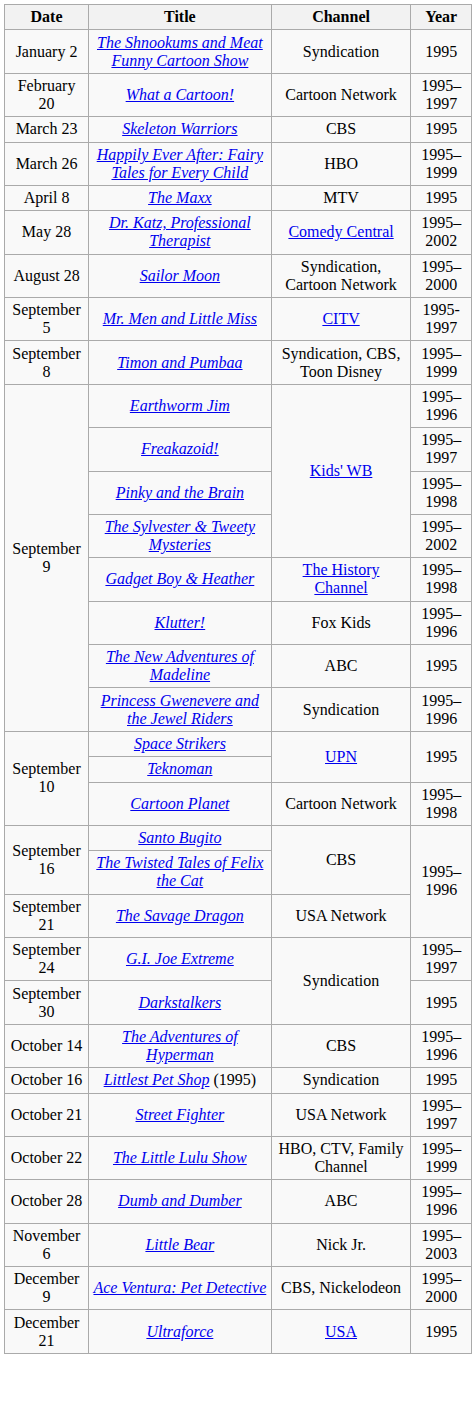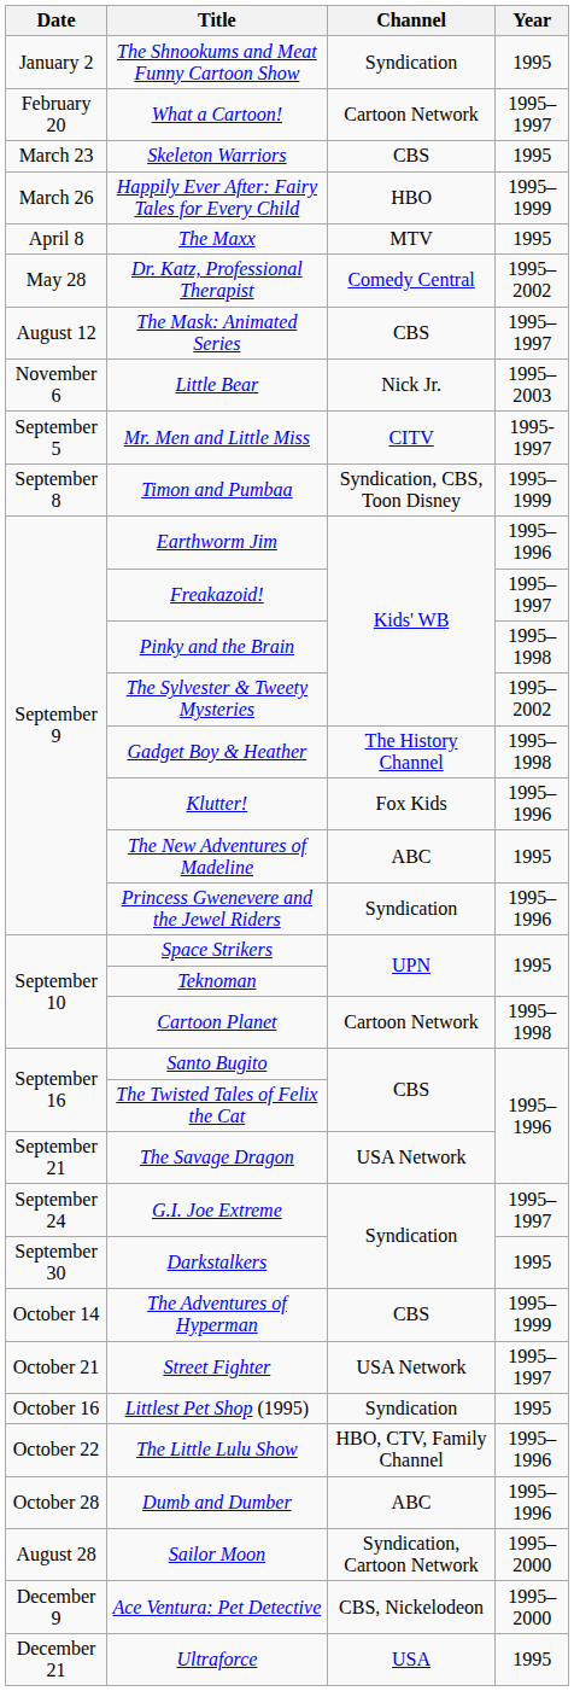 <table class="wikitable sortable" style="text-align: center" width="75%">
 <tr>
 <th scope="col">Date</th>
 <th scope="col">Title</th>
 <th scope="col">Channel</th>
 <th scope="col">Year</th>
 </tr>
 <tr>
 <td>January 2</td>
 <td><em><a href='#'>The Shnookums and Meat Funny Cartoon Show</a></em></td>
 <td>Syndication</td>
 <td>1995</td>
 </tr>
 <tr>
 <td>February 20</td>
 <td><em><a href='#'>What a Cartoon!</a></em></td>
 <td>Cartoon Network</td>
 <td>1995–1997</td>
 </tr>
 <tr>
 <td>March 23</td>
 <td><em><a href='#'>Skeleton Warriors</a></em></td>
 <td>CBS</td>
 <td>1995</td>
 </tr>
 <tr>
 <td>March 26</td>
 <td><em><a href='#'>Happily Ever After: Fairy Tales for Every Child</a></em></td>
 <td>HBO</td>
 <td>1995–1999</td>
 </tr>
 <tr>
 <td>April 8</td>
 <td><em><a href='#'>The Maxx</a></em></td>
 <td>MTV</td>
 <td>1995</td>
 </tr>
 <tr>
 <td>May 28</td>
 <td><em><a href='#'>Dr. Katz, Professional Therapist</a></em></td>
 <td><a href='#'>Comedy Central</a></td>
 <td>1995–2002</td>
 </tr>
 <tr>
-<td>August 28</td>
-<td><em><a href='#'>Sailor Moon</a></em></td>
-<td>Syndication, Cartoon Network</td>
-<td>1995–2000</td>
+<td>August 12</td>
+<td><em><a href='#'>The Mask: Animated Series</a></em></td>
+<td>CBS</td>
+<td>1995–1997</td>
+</tr>
+<tr>
+<td>November 6</td>
+<td><em><a href='#'>Little Bear</a></em></td>
+<td>Nick Jr.</td>
+<td>1995–2003</td>
 </tr>
 <tr>
 <td>September 5</td>
 <td><em><a href='#'>Mr. Men and Little Miss</a></em></td>
 <td><a href='#'>CITV</a></td>
 <td>1995-1997</td>
 </tr>
 <tr>
 <td>September 8</td>
 <td><em><a href='#'>Timon and Pumbaa</a></em></td>
 <td>Syndication, CBS, Toon Disney</td>
 <td>1995–1999</td>
 </tr>
 <tr>
 <td rowspan=8>September 9</td>
 <td><em><a href='#'>Earthworm Jim</a></em></td>
 <td rowspan=4><a href='#'>Kids' WB</a></td>
 <td>1995–1996</td>
 </tr>
 <tr>
 <td><em><a href='#'>Freakazoid!</a></em></td>
 <td>1995–1997</td>
 </tr>
 <tr>
 <td><em><a href='#'>Pinky and the Brain</a></em></td>
 <td>1995–1998</td>
 </tr>
 <tr>
 <td><em><a href='#'>The Sylvester & Tweety Mysteries</a></em></td>
 <td>1995–2002</td>
 </tr>
 <tr>
 <td><em><a href='#'>Gadget Boy & Heather</a></em></td>
 <td><a href='#'>The History Channel</a></td>
 <td>1995–1998</td>
 </tr>
 <tr>
 <td><em><a href='#'>Klutter!</a></em></td>
 <td>Fox Kids</td>
 <td>1995–1996</td>
 </tr>
 <tr>
 <td><em><a href='#'>The New Adventures of Madeline</a></em></td>
 <td>ABC</td>
 <td>1995</td>
 </tr>
 <tr>
 <td><em><a href='#'>Princess Gwenevere and the Jewel Riders</a></em></td>
 <td>Syndication</td>
 <td>1995–1996</td>
 </tr>
 <tr>
 <td rowspan=3>September 10</td>
 <td><em><a href='#'>Space Strikers</a></em></td>
 <td rowspan=2><a href='#'>UPN</a></td>
 <td rowspan=2>1995</td>
 </tr>
 <tr>
 <td><em><a href='#'>Teknoman</a></em></td>
 </tr>
 <tr>
 <td><em><a href='#'>Cartoon Planet</a></em></td>
 <td>Cartoon Network</td>
 <td>1995–1998</td>
 </tr>
 <tr>
 <td rowspan=2>September 16</td>
 <td><em><a href='#'>Santo Bugito</a></em></td>
 <td rowspan=2>CBS</td>
 <td rowspan=3>1995–1996</td>
 </tr>
 <tr>
 <td><em><a href='#'>The Twisted Tales of Felix the Cat</a></em></td>
 </tr>
 <tr>
 <td>September 21</td>
 <td><em><a href='#'>The Savage Dragon</a></em></td>
 <td>USA Network</td>
 </tr>
 <tr>
 <td>September 24</td>
 <td><em><a href='#'>G.I. Joe Extreme</a></em></td>
 <td rowspan=2>Syndication</td>
 <td>1995–1997</td>
 </tr>
 <tr>
 <td>September 30</td>
 <td><em><a href='#'>Darkstalkers</a></em></td>
 <td>1995</td>
 </tr>
 <tr>
 <td>October 14</td>
 <td><em><a href='#'>The Adventures of Hyperman</a></em></td>
 <td>CBS</td>
-<td>1995–1996</td>
+<td>1995–1999</td>
+</tr>
+<tr>
+<td>October 21</td>
+<td><em><a href='#'>Street Fighter</a></em></td>
+<td>USA Network</td>
+<td>1995–1997</td>
 </tr>
 <tr>
 <td>October 16</td>
 <td><em><a href='#'>Littlest Pet Shop</a></em> (1995)</td>
 <td>Syndication</td>
 <td>1995</td>
 </tr>
 <tr>
-<td>October 21</td>
-<td><em><a href='#'>Street Fighter</a></em></td>
-<td>USA Network</td>
-<td>1995–1997</td>
-</tr>
-<tr>
 <td>October 22</td>
 <td><em><a href='#'>The Little Lulu Show</a></em></td>
 <td>HBO, CTV, Family Channel</td>
-<td>1995–1999</td>
+<td>1995–1996</td>
 </tr>
 <tr>
 <td>October 28</td>
 <td><em><a href='#'>Dumb and Dumber</a></em></td>
 <td>ABC</td>
 <td>1995–1996</td>
 </tr>
 <tr>
-<td>November 6</td>
-<td><em><a href='#'>Little Bear</a></em></td>
-<td>Nick Jr.</td>
-<td>1995–2003</td>
+<td>August 28</td>
+<td><em><a href='#'>Sailor Moon</a></em></td>
+<td>Syndication, Cartoon Network</td>
+<td>1995–2000</td>
 </tr>
 <tr>
 <td>December 9</td>
 <td><em><a href='#'>Ace Ventura: Pet Detective</a></em></td>
 <td>CBS, Nickelodeon</td>
 <td>1995–2000</td>
 </tr>
 <tr>
 <td>December 21</td>
 <td><em><a href='#'>Ultraforce</a></em></td>
 <td><a href='#'>USA</a></td>
 <td>1995</td>
 </tr>
 </table>
